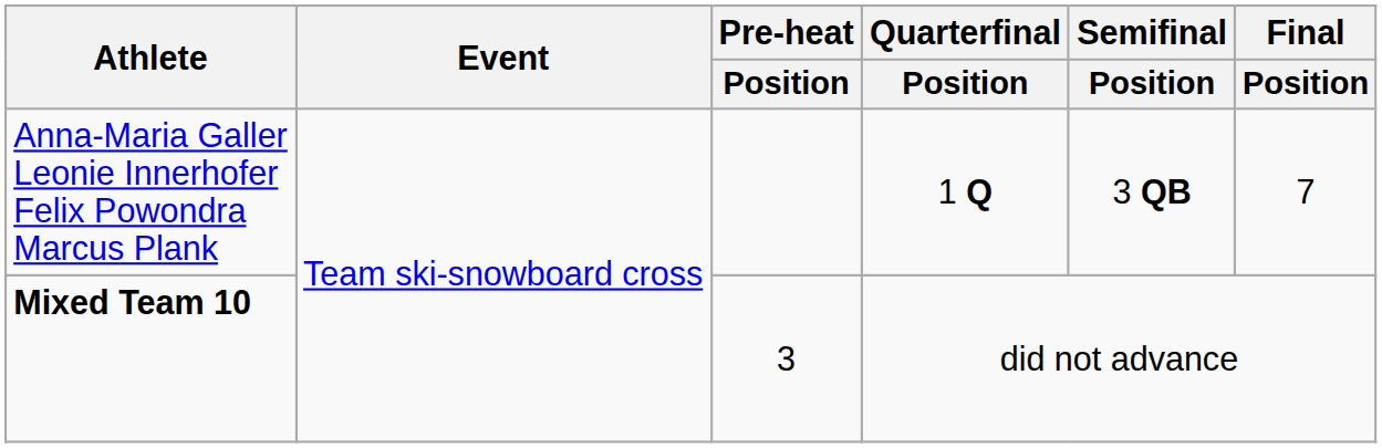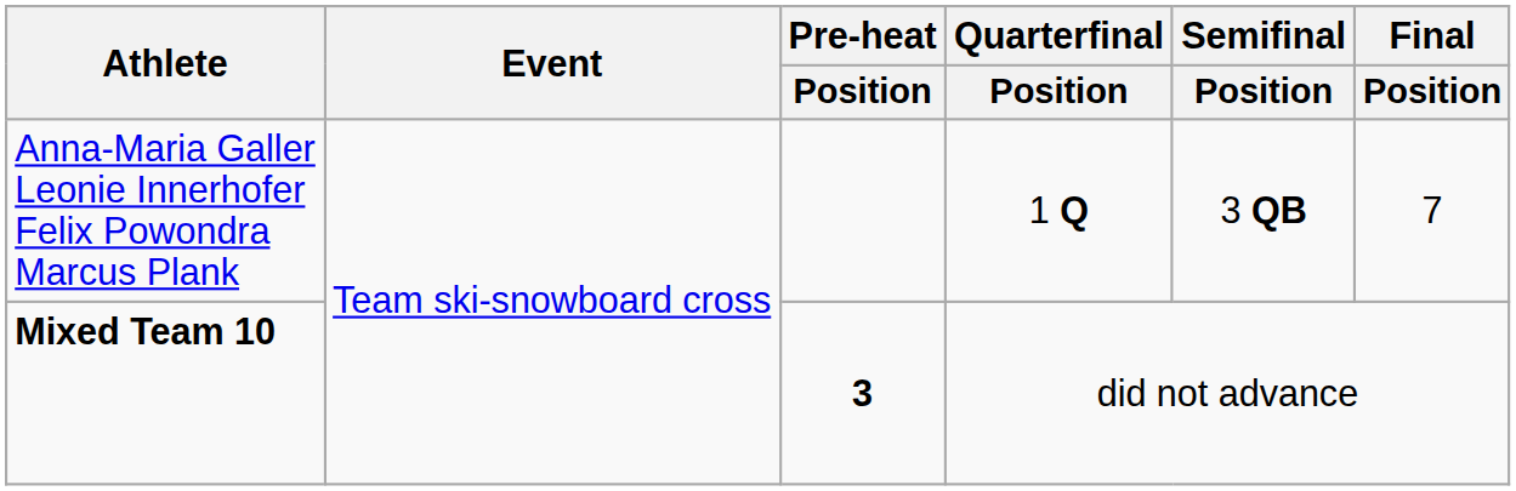 <table class="wikitable" style="font-size:90%; text-align:center;">
 <tr>
 <th rowspan=2>Athlete</th>
 <th rowspan=2>Event</th>
 <th>Pre-heat</th>
 <th>Quarterfinal</th>
 <th>Semifinal</th>
 <th>Final</th>
 </tr>
 <tr style="font-size:95%">
 <th>Position</th>
 <th>Position</th>
 <th>Position</th>
 <th>Position</th>
 </tr>
 <tr align=center>
 <td align=left><a href='#'>Anna-Maria Galler</a><br><a href='#'>Leonie Innerhofer</a><br><a href='#'>Felix Powondra</a><br><a href='#'>Marcus Plank</a></td>
 <td rowspan=2 align=left><a href='#'>Team ski-snowboard cross</a></td>
 <td></td>
 <td>1 <strong>Q</strong></td>
 <td>3 <strong>QB</strong></td>
 <td>7</td>
 </tr>
 <tr align=center>
 <td align=left><strong>Mixed Team 10</strong><br><br><br><br></td>
-<td>3</td>
+<td><strong>3</strong></td>
 <td colspan=3>did not advance</td>
 </tr>
 </table>
